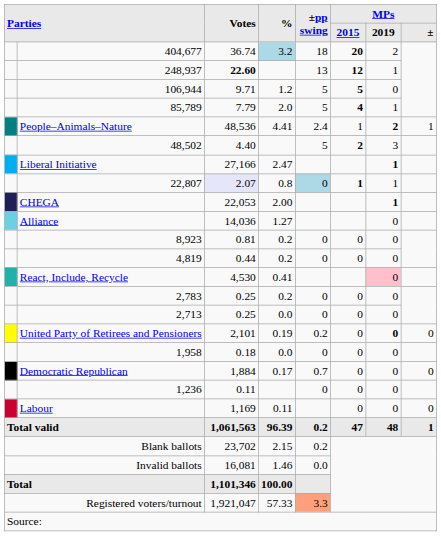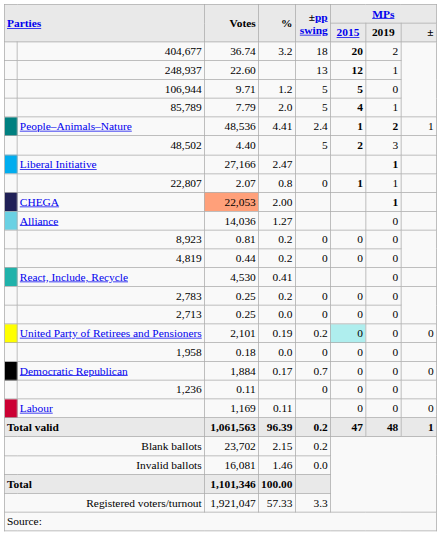 <table class="wikitable" style="text-align:right; font-size:95%;">
 <tr>
 <th rowspan="2" colspan="2" style="background:#e9e9e9; text-align:left;" alignleft><a href='#'>Parties</a></th>
 <th rowspan="2" style="background:#e9e9e9; text-align:right;">Votes</th>
 <th rowspan="2" style="background:#e9e9e9; text-align:right;">%</th>
 <th rowspan="2" style="background:#e9e9e9; text-align:right;">±<a href='#'>pp</a> <a href='#'>swing</a></th>
 <th colspan="3" style="background:#e9e9e9; text-align:center;"><a href='#'>MPs</a></th>
 </tr>
 <tr style="background-color:#E9E9E9">
 <th style="background-color:#E9E9E9;text-align:center;"><a href='#'>2015</a></th>
 <th style="background-color:#E9E9E9;text-align:center;">2019</th>
 <th style="background:#e9e9e9; text-align:right;">±</th>
 </tr>
 <tr>
 <td></td>
 <td>404,677</td>
 <td>36.74</td>
-<td style="background: lightblue;">3.2</td>
+<td>3.2</td>
 <td>18</td>
 <td><strong>20</strong></td>
 <td>2</td>
 </tr>
 <tr>
 <td></td>
 <td>248,937</td>
-<td><strong>22.60</strong></td>
+<td>22.60</td>
 <td></td>
 <td>13</td>
 <td><strong>12</strong></td>
 <td>1</td>
 </tr>
 <tr>
 <td></td>
 <td>106,944</td>
 <td>9.71</td>
 <td>1.2</td>
 <td>5</td>
 <td><strong>5</strong></td>
 <td>0</td>
 </tr>
 <tr>
 <td></td>
 <td>85,789</td>
 <td>7.79</td>
 <td>2.0</td>
 <td>5</td>
 <td><strong>4</strong></td>
 <td>1</td>
 </tr>
 <tr>
 <td style="width: 10px" bgcolor="teal" align="center"></td>
 <td align="left"><a href='#'>People–Animals–Nature</a></td>
 <td>48,536</td>
 <td>4.41</td>
 <td>2.4</td>
-<td>1</td>
+<td><strong>1</strong></td>
 <td><strong>2</strong></td>
 <td>1</td>
 </tr>
 <tr>
 <td></td>
 <td>48,502</td>
 <td>4.40</td>
 <td></td>
 <td>5</td>
 <td><strong>2</strong></td>
 <td>3</td>
 </tr>
 <tr>
 <td style="width: 10px" bgcolor="#00ADEF" align="center"></td>
 <td align="left"><a href='#'>Liberal Initiative</a></td>
 <td>27,166</td>
 <td>2.47</td>
 <td></td>
 <td></td>
 <td><strong>1</strong></td>
 <td></td>
 </tr>
 <tr>
 <td></td>
 <td>22,807</td>
-<td style="background: lavender;">2.07</td>
+<td>2.07</td>
 <td>0.8</td>
-<td style="background: lightblue;">0</td>
+<td>0</td>
 <td><strong>1</strong></td>
 <td>1</td>
 </tr>
 <tr>
 <td style="width: 10px" bgcolor="#202056" align="center"></td>
 <td align="left"><a href='#'>CHEGA</a></td>
-<td>22,053</td>
+<td style="background: lightsalmon;">22,053</td>
 <td>2.00</td>
 <td></td>
 <td></td>
 <td><strong>1</strong></td>
 <td></td>
 </tr>
 <tr>
 <td style="width: 10px" bgcolor="#6AD1E3" align="center"></td>
 <td align="left"><a href='#'>Alliance</a></td>
 <td>14,036</td>
 <td>1.27</td>
 <td></td>
 <td></td>
 <td>0</td>
 <td></td>
 </tr>
 <tr>
 <td></td>
 <td>8,923</td>
 <td>0.81</td>
 <td>0.2</td>
 <td>0</td>
 <td>0</td>
 <td>0</td>
 </tr>
 <tr>
 <td></td>
 <td>4,819</td>
 <td>0.44</td>
 <td>0.2</td>
 <td>0</td>
 <td>0</td>
 <td>0</td>
 </tr>
 <tr>
 <td style="width: 10px" bgcolor=LightSeaGreen align="center"></td>
 <td align=left><a href='#'>React, Include, Recycle</a></td>
 <td>4,530</td>
 <td>0.41</td>
 <td></td>
 <td></td>
-<td style="background: pink;">0</td>
+<td>0</td>
 <td></td>
 </tr>
 <tr>
 <td></td>
 <td>2,783</td>
 <td>0.25</td>
 <td>0.2</td>
 <td>0</td>
 <td>0</td>
 <td>0</td>
 </tr>
 <tr>
 <td></td>
 <td>2,713</td>
 <td>0.25</td>
 <td>0.0</td>
 <td>0</td>
 <td>0</td>
 <td>0</td>
 </tr>
 <tr>
 <td style="width: 10px" bgcolor=yellow align="center"></td>
 <td align=left><a href='#'>United Party of Retirees and Pensioners</a></td>
 <td>2,101</td>
 <td>0.19</td>
 <td>0.2</td>
+<td style="background: paleturquoise;">0</td>
 <td>0</td>
-<td><strong>0</strong></td>
 <td>0</td>
 </tr>
 <tr>
 <td></td>
 <td>1,958</td>
 <td>0.18</td>
 <td>0.0</td>
 <td>0</td>
 <td>0</td>
 <td>0</td>
 </tr>
 <tr>
 <td style="width: 10px" bgcolor=black align="center"></td>
 <td align=left><a href='#'>Democratic Republican</a></td>
 <td>1,884</td>
 <td>0.17</td>
 <td>0.7</td>
 <td>0</td>
 <td>0</td>
 <td>0</td>
 </tr>
 <tr>
 <td></td>
 <td>1,236</td>
 <td>0.11</td>
 <td></td>
 <td>0</td>
 <td>0</td>
 <td>0</td>
 </tr>
 <tr>
 <td style="width: 10px" bgcolor=#CC0033 align="center"></td>
 <td align=left><a href='#'>Labour</a></td>
 <td>1,169</td>
 <td>0.11</td>
 <td></td>
 <td>0</td>
 <td>0</td>
 <td>0</td>
 </tr>
 <tr>
 <td colspan=2 align=left style="background-color:#E9E9E9"><strong>Total valid</strong></td>
 <td width="65" align="right" style="background-color:#E9E9E9"><strong>1,061,563</strong></td>
 <td width="40" align="right" style="background-color:#E9E9E9"><strong>96.39</strong></td>
 <td width="40" align="right" style="background-color:#E9E9E9"><strong>0.2</strong></td>
 <td width="40" align="right" style="background-color:#E9E9E9"><strong>47</strong></td>
 <td width="40" align="right" style="background-color:#E9E9E9"><strong>48</strong></td>
 <td width="40" align="right" style="background-color:#E9E9E9"><strong>1</strong></td>
 </tr>
 <tr>
 <td colspan=2>Blank ballots</td>
 <td>23,702</td>
 <td>2.15</td>
 <td>0.2</td>
 <td colspan=4 rowspan=4></td>
 </tr>
 <tr>
 <td colspan=2>Invalid ballots</td>
 <td>16,081</td>
 <td>1.46</td>
 <td>0.0</td>
 </tr>
 <tr>
 <td colspan=2 width="259" align=left style="background-color:#E9E9E9"><strong>Total</strong></td>
 <td width="50" align="right" style="background-color:#E9E9E9"><strong>1,101,346</strong></td>
 <td width="40" align="right" style="background-color:#E9E9E9"><strong>100.00</strong></td>
 <td width="40" align="right" style="background-color:#E9E9E9"></td>
 </tr>
 <tr>
 <td colspan=2>Registered voters/turnout</td>
 <td>1,921,047</td>
 <td>57.33</td>
-<td style="background: lightsalmon;">3.3</td>
+<td>3.3</td>
 </tr>
 <tr>
 <td colspan=11 align=left>Source: </td>
 </tr>
 </table>
